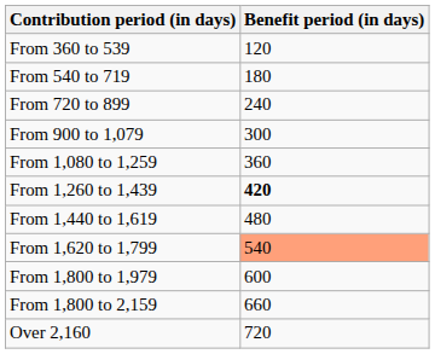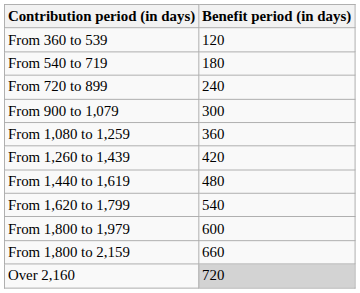 <table class="wikitable">
 <tr>
 <th>Contribution period (in days)</th>
 <th>Benefit period (in days)</th>
 </tr>
 <tr>
 <td>From 360 to 539</td>
 <td>120</td>
 </tr>
 <tr>
 <td>From 540 to 719</td>
 <td>180</td>
 </tr>
 <tr>
 <td>From 720 to 899</td>
 <td>240</td>
 </tr>
 <tr>
 <td>From 900 to 1,079</td>
 <td>300</td>
 </tr>
 <tr>
 <td>From 1,080 to 1,259</td>
 <td>360</td>
 </tr>
 <tr>
 <td>From 1,260 to 1,439</td>
-<td><strong>420</strong></td>
+<td>420</td>
 </tr>
 <tr>
 <td>From 1,440 to 1,619</td>
 <td>480</td>
 </tr>
 <tr>
 <td>From 1,620 to 1,799</td>
-<td style="background: lightsalmon;">540</td>
+<td>540</td>
 </tr>
 <tr>
 <td>From 1,800 to 1,979</td>
 <td>600</td>
 </tr>
 <tr>
 <td>From 1,800 to 2,159</td>
 <td>660</td>
 </tr>
 <tr>
 <td>Over 2,160</td>
-<td>720</td>
+<td style="background: lightgrey;">720</td>
 </tr>
 </table>
